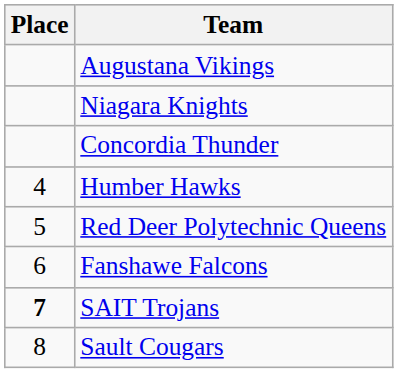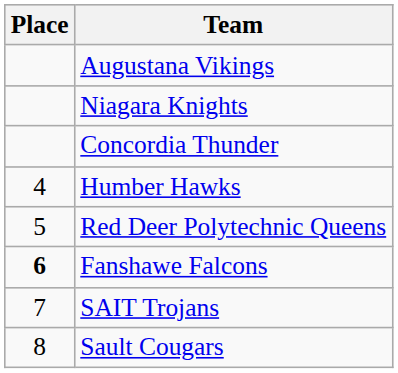 <table class="wikitable">
 <tr>
 <th>Place</th>
 <th>Team</th>
 </tr>
 <tr>
 <td align=center></td>
 <td> <a href='#'>Augustana Vikings</a></td>
 </tr>
 <tr>
 <td align=center></td>
 <td> <a href='#'>Niagara Knights</a></td>
 </tr>
 <tr>
 <td align=center></td>
 <td> <a href='#'>Concordia Thunder</a></td>
 </tr>
 <tr>
 <td align=center>4</td>
 <td> <a href='#'>Humber Hawks</a></td>
 </tr>
 <tr>
 <td align=center>5</td>
 <td> <a href='#'>Red Deer Polytechnic Queens</a></td>
 </tr>
 <tr>
-<td align=center>6</td>
+<td align=center><strong>6</strong></td>
 <td> <a href='#'>Fanshawe Falcons</a></td>
 </tr>
 <tr>
-<td align=center><strong>7</strong></td>
+<td align=center>7</td>
 <td> <a href='#'>SAIT Trojans</a></td>
 </tr>
 <tr>
 <td align=center>8</td>
 <td> <a href='#'>Sault Cougars</a></td>
 </tr>
 </table>
